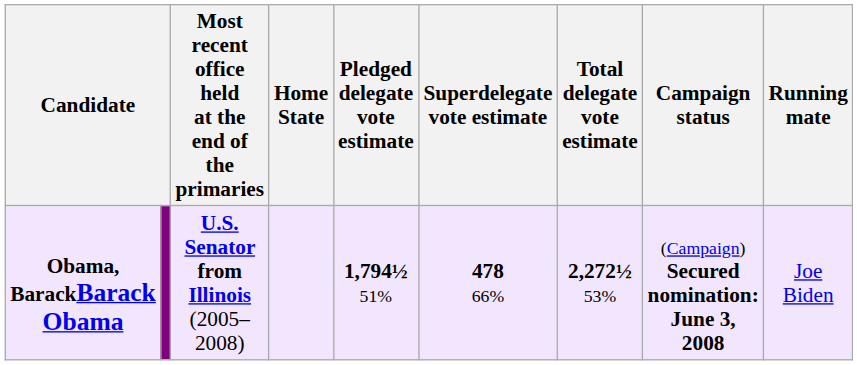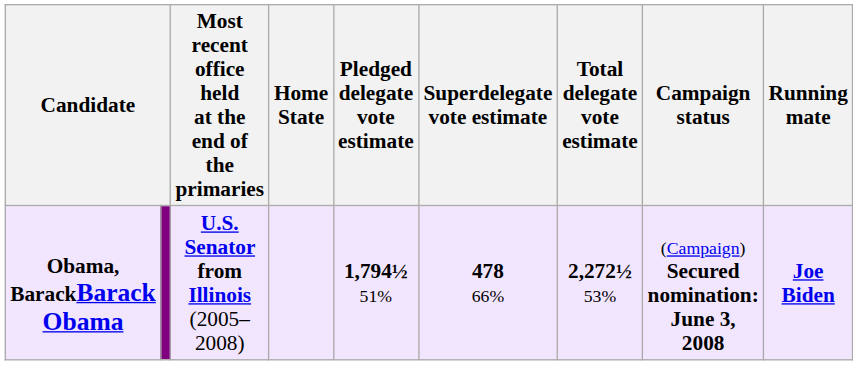 <table class="sortable wikitable" style="margin-left:0.5em; text-align:center">
 <tr>
 <th colspan=2>Candidate</th>
 <th class="unsortable">Most recent office held<br>at the end of the primaries</th>
 <th>Home State</th>
 <th>Pledged delegate<br>vote estimate</th>
 <th>Superdelegate<br>vote estimate</th>
 <th>Total delegate<br>vote estimate</th>
 <th>Campaign status</th>
 <th>Running mate</th>
 </tr>
 <tr style="background:#f2e6ff;">
 <td><br><strong><span>Obama, Barack</span><big><a href='#'>Barack Obama</a></big></strong></td>
 <td style="background:#800080;"></td>
 <td><strong><a href='#'>U.S. Senator</a> from<br><a href='#'>Illinois</a></strong><br>(2005–2008)</td>
 <td></td>
 <td><strong>1,794½</strong><br><small>51%</small></td>
 <td><strong>478</strong><br><small>66%</small></td>
 <td><strong>2,272½</strong><br><small>53%</small></td>
 <td><br><small>(<a href='#'>Campaign</a>)</small><br><strong>Secured nomination:<br> June 3, 2008</strong></td>
-<td><a href='#'>Joe Biden</a></td>
+<td><strong><a href='#'>Joe Biden</a></strong></td>
 </tr>
 </table>
